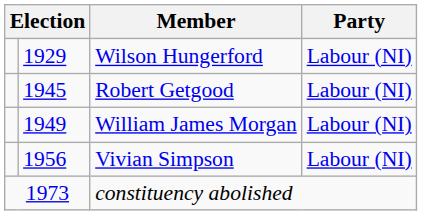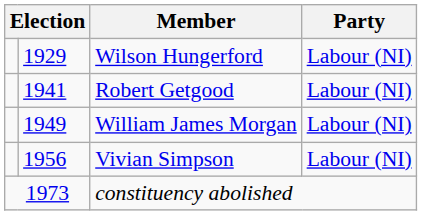 <table class="wikitable">
 <tr>
 <th colspan="2">Election</th>
 <th>Member</th>
 <th>Party</th>
 </tr>
 <tr>
 <td style="background-color: "></td>
 <td><a href='#'>1929</a></td>
 <td><a href='#'>Wilson Hungerford</a></td>
 <td><a href='#'>Labour (NI)</a></td>
 </tr>
 <tr>
 <td style="background-color: "></td>
-<td><a href='#'>1945</a></td>
+<td><a href='#'>1941</a></td>
 <td><a href='#'>Robert Getgood</a></td>
 <td><a href='#'>Labour (NI)</a></td>
 </tr>
 <tr>
 <td style="background-color: "></td>
 <td><a href='#'>1949</a></td>
 <td><a href='#'>William James Morgan</a></td>
 <td><a href='#'>Labour (NI)</a></td>
 </tr>
 <tr>
 <td style="background-color: "></td>
 <td><a href='#'>1956</a></td>
 <td><a href='#'>Vivian Simpson</a></td>
 <td><a href='#'>Labour (NI)</a></td>
 </tr>
 <tr>
 <td colspan="2" align="center"><a href='#'>1973</a></td>
 <td colspan="2"><em>constituency abolished</em></td>
 </tr>
 </table>
